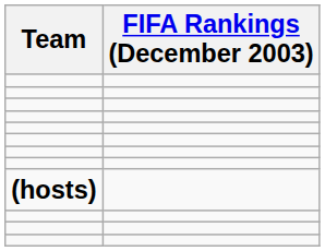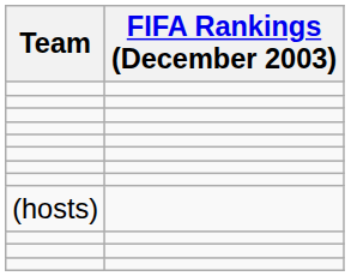 <table class="wikitable sortable" style="text-align: left;">
 <tr>
 <th>Team</th>
 <th><a href='#'>FIFA Rankings</a><br>(December 2003)</th>
 </tr>
 <tr>
 <td></td>
 <td></td>
 </tr>
 <tr>
 <td></td>
 <td></td>
 </tr>
 <tr>
 <td></td>
 <td></td>
 </tr>
 <tr>
 <td></td>
 <td></td>
 </tr>
 <tr>
 <td></td>
 <td></td>
 </tr>
 <tr>
 <td></td>
 <td></td>
 </tr>
 <tr>
 <td></td>
 <td></td>
 </tr>
 <tr>
 <td></td>
 <td></td>
 </tr>
 <tr>
-<td><strong> (hosts)</strong></td>
+<td> (hosts)</td>
 <td></td>
 </tr>
 <tr>
 <td></td>
 <td></td>
 </tr>
 <tr>
 <td></td>
 <td></td>
 </tr>
 <tr>
 <td></td>
 <td></td>
 </tr>
 </table>
